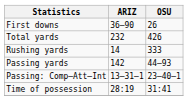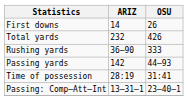 <table class="wikitable" style="float: left;">
 <tr>
 <th>Statistics</th>
 <th>ARIZ</th>
 <th>OSU</th>
 </tr>
 <tr>
 <td>First downs</td>
-<td>36–90</td>
+<td>14</td>
 <td>26</td>
 </tr>
 <tr>
 <td>Total yards</td>
 <td>232</td>
 <td>426</td>
 </tr>
 <tr>
 <td>Rushing yards</td>
-<td>14</td>
+<td>36–90</td>
 <td>333</td>
 </tr>
 <tr>
 <td>Passing yards</td>
 <td>142</td>
 <td>44–93</td>
 </tr>
 <tr>
+<td>Time of possession</td>
+<td>28:19</td>
+<td>31:41</td>
+</tr>
+<tr>
 <td>Passing: Comp–Att–Int</td>
 <td>13–31–1</td>
 <td>23–40–1</td>
 </tr>
 <tr>
-<td>Time of possession</td>
-<td>28:19</td>
-<td>31:41</td>
-</tr>
-<tr>
 </tr>
 </table>
